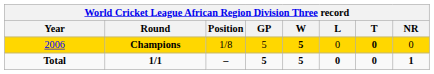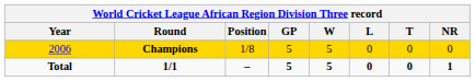 <table class="wikitable" style="text-align: center; width=900px;">
 <tr>
 <th colspan=9><a href='#'>World Cricket League African Region Division Three</a> record</th>
 </tr>
 <tr>
 <th width=150>Year</th>
 <th width=150>Round</th>
 <th width=50>Position</th>
 <th width=50>GP</th>
 <th width=50>W</th>
 <th width=50>L</th>
 <th width=50>T</th>
 <th width=50>NR</th>
 </tr>
 <tr bgcolor=gold>
 <td> <a href='#'>2006</a></td>
 <td><strong>Champions</strong></td>
 <td>1/8</td>
 <td>5</td>
-<td><strong>5</strong></td>
+<td>5</td>
 <td>0</td>
-<td><strong>0</strong></td>
+<td>0</td>
 <td>0</td>
 </tr>
 <tr>
 <td><strong>Total</strong></td>
 <td><strong>1/1</strong></td>
 <td><strong>–</strong></td>
 <td><strong>5</strong></td>
 <td><strong>5</strong></td>
 <td><strong>0</strong></td>
 <td><strong>0</strong></td>
 <td><strong>1</strong></td>
 </tr>
 </table>
